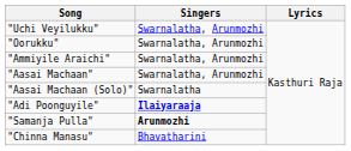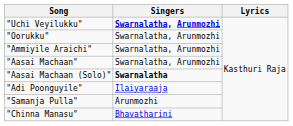 <table class="wikitable">
 <tr>
 <th>Song</th>
 <th>Singers</th>
 <th>Lyrics</th>
 </tr>
 <tr>
 <td>"Uchi Veyilukku"</td>
-<td><a href='#'>Swarnalatha</a>, <a href='#'>Arunmozhi</a></td>
+<td><strong><a href='#'>Swarnalatha</a>, <a href='#'>Arunmozhi</a></strong></td>
 <td rowspan="8">Kasthuri Raja</td>
 </tr>
 <tr>
 <td>"Oorukku"</td>
 <td>Swarnalatha, Arunmozhi</td>
 </tr>
 <tr>
 <td>"Ammiyile Araichi"</td>
 <td>Swarnalatha, Arunmozhi</td>
 </tr>
 <tr>
 <td>"Aasai Machaan"</td>
 <td>Swarnalatha, Arunmozhi</td>
 </tr>
 <tr>
 <td>"Aasai Machaan (Solo)"</td>
-<td>Swarnalatha</td>
+<td><strong>Swarnalatha</strong></td>
 </tr>
 <tr>
 <td>"Adi Poonguyile"</td>
-<td><strong><a href='#'>Ilaiyaraaja</a></strong></td>
+<td><a href='#'>Ilaiyaraaja</a></td>
 </tr>
 <tr>
 <td>"Samanja Pulla"</td>
-<td><strong>Arunmozhi</strong></td>
+<td>Arunmozhi</td>
 </tr>
 <tr>
 <td>"Chinna Manasu"</td>
 <td><a href='#'>Bhavatharini</a></td>
 </tr>
 </table>
